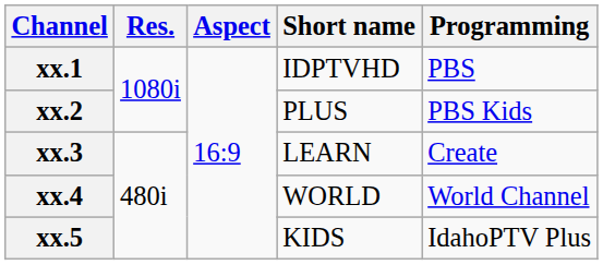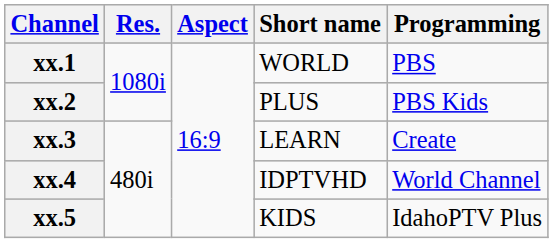 <table class="wikitable">
 <tr>
 <th><a href='#'>Channel</a></th>
 <th><a href='#'>Res.</a></th>
 <th><a href='#'>Aspect</a></th>
 <th>Short name</th>
 <th>Programming</th>
 </tr>
 <tr>
 <th scope = "row">xx.1</th>
 <td rowspan="2"><a href='#'>1080i</a></td>
 <td rowspan="5"><a href='#'>16:9</a></td>
-<td>IDPTVHD</td>
+<td>WORLD</td>
 <td><a href='#'>PBS</a></td>
 </tr>
 <tr>
 <th scope = "row">xx.2</th>
 <td>PLUS</td>
 <td><a href='#'>PBS Kids</a></td>
 </tr>
 <tr>
 <th scope = "row">xx.3</th>
 <td rowspan="3">480i</td>
 <td>LEARN</td>
 <td><a href='#'>Create</a></td>
 </tr>
 <tr>
 <th scope = "row">xx.4</th>
-<td>WORLD</td>
+<td>IDPTVHD</td>
 <td><a href='#'>World Channel</a></td>
 </tr>
 <tr>
 <th scope = "row">xx.5</th>
 <td>KIDS</td>
 <td>IdahoPTV Plus</td>
 </tr>
 </table>
